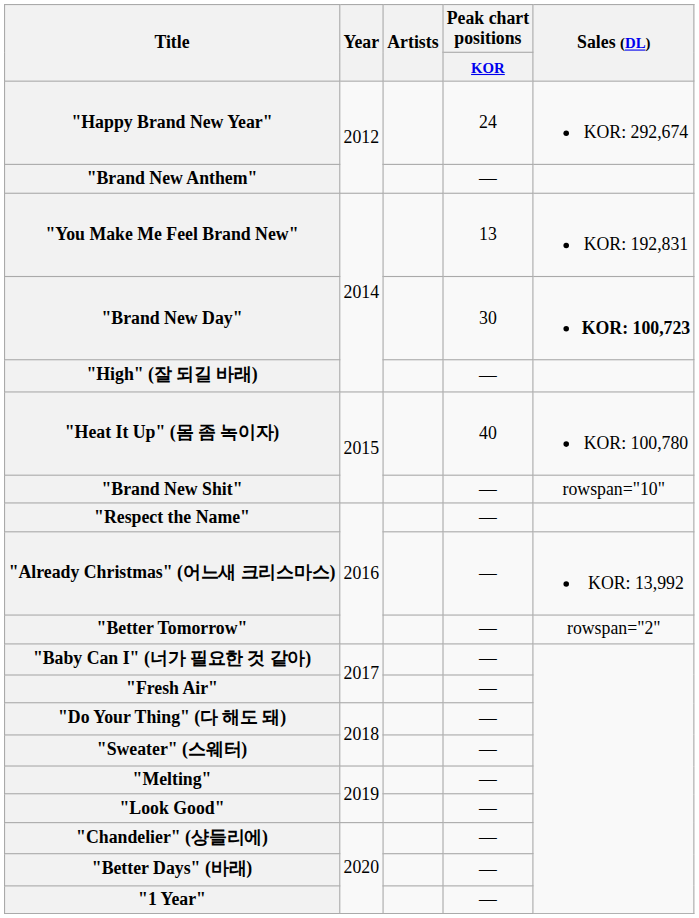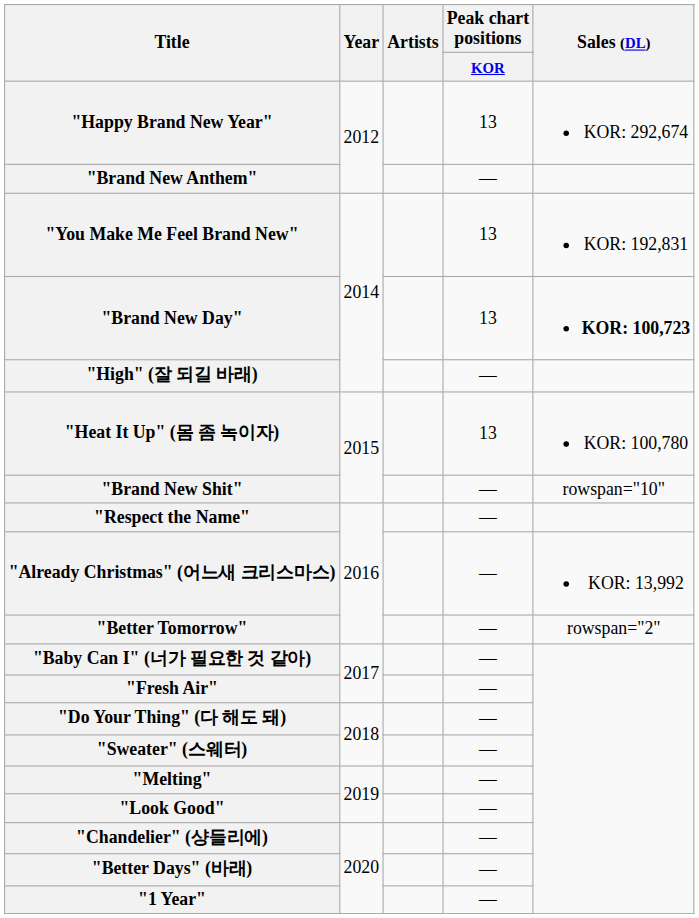 <table class="wikitable plainrowheaders" style="text-align:center">
 <tr>
 <th scope="col" rowspan="2">Title</th>
 <th scope="col" rowspan="2">Year</th>
 <th scope="col" rowspan="2">Artists</th>
 <th scope="col" colspan="1">Peak chart <br> positions</th>
 <th scope="col" rowspan="2">Sales <small>(<a href='#'>DL</a>)</small></th>
 </tr>
 <tr>
 <th><small><a href='#'>KOR</a></small><br></th>
 </tr>
 <tr>
 <th scope="row">"Happy Brand New Year"</th>
 <td rowspan="2">2012</td>
 <td></td>
-<td>24</td>
+<td>13</td>
 <td><br><ul><li>KOR: 292,674</li></ul></td>
 </tr>
 <tr>
 <th scope="row">"Brand New Anthem"</th>
 <td></td>
 <td>—</td>
 <td></td>
 </tr>
 <tr>
 <th scope="row">"You Make Me Feel Brand New"</th>
 <td rowspan="3">2014</td>
 <td></td>
 <td>13</td>
 <td><br><ul><li>KOR: 192,831</li></ul></td>
 </tr>
 <tr>
 <th scope="row">"Brand New Day"</th>
 <td></td>
-<td>30</td>
+<td>13</td>
 <td><strong><br><ul><li>KOR: 100,723</li></ul></strong></td>
 </tr>
 <tr>
 <th scope="row">"High" (잘 되길 바래)</th>
 <td></td>
 <td>—</td>
 <td></td>
 </tr>
 <tr>
 <th scope="row">"Heat It Up" (몸 좀 녹이자)</th>
 <td rowspan="2">2015</td>
 <td></td>
-<td>40</td>
+<td>13</td>
 <td><br><ul><li>KOR: 100,780</li></ul></td>
 </tr>
 <tr>
 <th scope="row">"Brand New Shit"</th>
 <td></td>
 <td>—</td>
 <td>rowspan="10" </td>
 </tr>
 <tr>
 <th scope="row">"Respect the Name"</th>
 <td rowspan="3">2016</td>
 <td></td>
 <td>—</td>
 </tr>
 <tr>
 <th scope="row">"Already Christmas" (어느새 크리스마스)</th>
 <td></td>
 <td>—</td>
 <td><br><ul><li>KOR: 13,992</li></ul></td>
 </tr>
 <tr>
 <th scope="row">"Better Tomorrow"</th>
 <td></td>
 <td>—</td>
 <td>rowspan="2" </td>
 </tr>
 <tr>
 <th scope="row">"Baby Can I" (너가 필요한 것 같아)</th>
 <td rowspan="2">2017</td>
 <td></td>
 <td>—</td>
 </tr>
 <tr>
 <th scope="row">"Fresh Air"</th>
 <td></td>
 <td>—</td>
 </tr>
 <tr>
 <th scope="row">"Do Your Thing" (다 해도 돼)</th>
 <td rowspan="2">2018</td>
 <td></td>
 <td>—</td>
 </tr>
 <tr>
 <th scope="row">"Sweater" (스웨터)</th>
 <td></td>
 <td>—</td>
 </tr>
 <tr>
 <th scope="row">"Melting"</th>
 <td rowspan="2">2019</td>
 <td></td>
 <td>—</td>
 </tr>
 <tr>
 <th scope="row">"Look Good"</th>
 <td></td>
 <td>—</td>
 </tr>
 <tr>
 <th scope="row">"Chandelier" (샹들리에)</th>
 <td rowspan="3">2020</td>
 <td></td>
 <td>—</td>
 </tr>
 <tr>
 <th scope="row">"Better Days" (바래)</th>
 <td></td>
 <td>—</td>
 </tr>
 <tr>
 <th scope="row">"1 Year"</th>
 <td></td>
 <td>—</td>
 </tr>
 <tr>
 </tr>
 </table>
